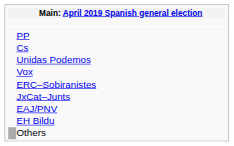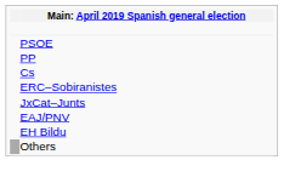 <table class="infobox vcard" style="width:23.0em; padding:0.3em; padding-bottom:0em;" cellspacing=0>
 <tr>
 <td style="background:#F2F2F2; vertical-align:middle; padding:0.4em;" width="30px"></td>
 <th colspan="4" style="text-align:center; background:#F2F2F2; font-size:0.85em; width:100%; vertical-align:middle;">Main: <a href='#'>April 2019 Spanish general election</a></th>
 </tr>
 <tr>
 <td colspan="5" style="text-align:center; font-size:0.85em; padding:0.5em 0em;">  </td>
 </tr>
 <tr>
 <td colspan="5"></td>
 </tr>
 <tr>
 <td colspan="5"></td>
 </tr>
 <tr>
 <th colspan="2" width="85px" style="background:#F2F2F2;"></th>
 <th width="70px" style="background:#F2F2F2;"></th>
 <th width="45px" style="background:#F2F2F2;"></th>
 <th width="30px" style="background:#F2F2F2;"></th>
 </tr>
 <tr>
 <td style="background:"></td>
+<td><a href='#'>PSOE</a></td>
+<td></td>
+<td></td>
+<td></td>
+</tr>
+<tr>
+<td style="background:"></td>
 <td><a href='#'>PP</a></td>
 <td></td>
 <td></td>
 <td></td>
 </tr>
 <tr>
 <td style="background:"></td>
 <td><a href='#'>Cs</a></td>
-<td></td>
-<td></td>
-<td></td>
-</tr>
-<tr>
-<td style="background:"></td>
-<td><a href='#'>Unidas Podemos</a></td>
-<td></td>
-<td></td>
-<td></td>
-</tr>
-<tr>
-<td style="background:"></td>
-<td><a href='#'>Vox</a></td>
 <td></td>
 <td></td>
 <td></td>
 </tr>
 <tr>
 <td style="background:"></td>
 <td><a href='#'>ERC–Sobiranistes</a></td>
 <td></td>
 <td></td>
 <td></td>
 </tr>
 <tr>
 <td style="background:"></td>
 <td><a href='#'>JxCat–Junts</a></td>
 <td></td>
 <td></td>
 <td></td>
 </tr>
 <tr>
 <td style="background:"></td>
 <td><a href='#'>EAJ/PNV</a></td>
 <td></td>
 <td></td>
 <td></td>
 </tr>
 <tr>
 <td style="background:"></td>
 <td><a href='#'>EH Bildu</a></td>
 <td></td>
 <td></td>
 <td></td>
 </tr>
 <tr>
 <td style="background:#AAAAAA;"></td>
 <td>Others</td>
 <td></td>
 <td></td>
 <td></td>
 </tr>
 <tr>
 <th colspan="2" style="background:#F2F2F2;"></th>
 <th style="background:#F2F2F2;"></th>
 <th style="background:#F2F2F2;"></th>
 <th style="background:#F2F2F2;"></th>
 </tr>
 </table>
